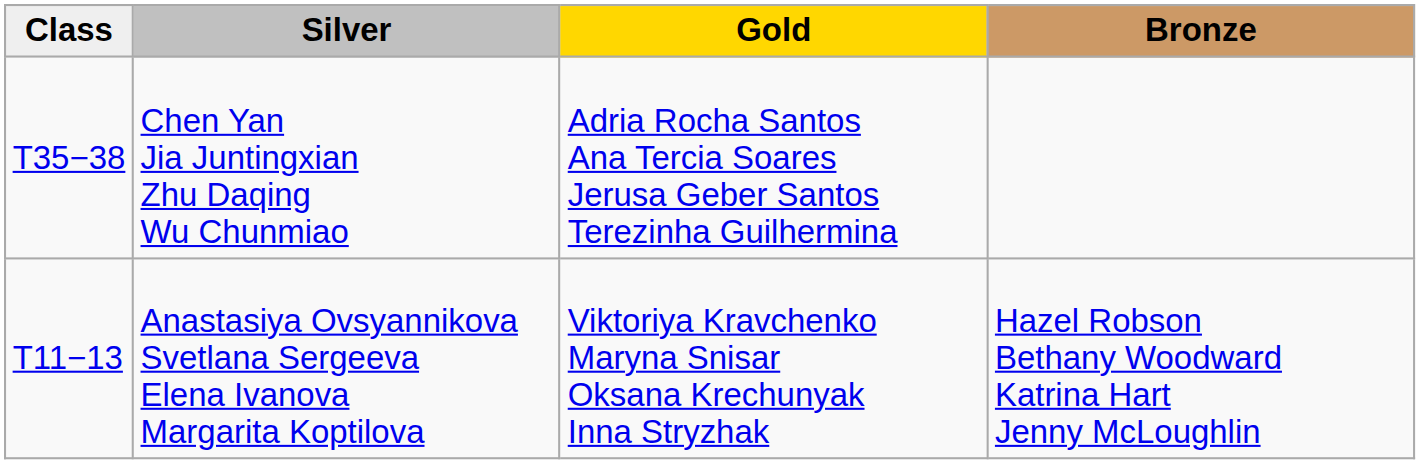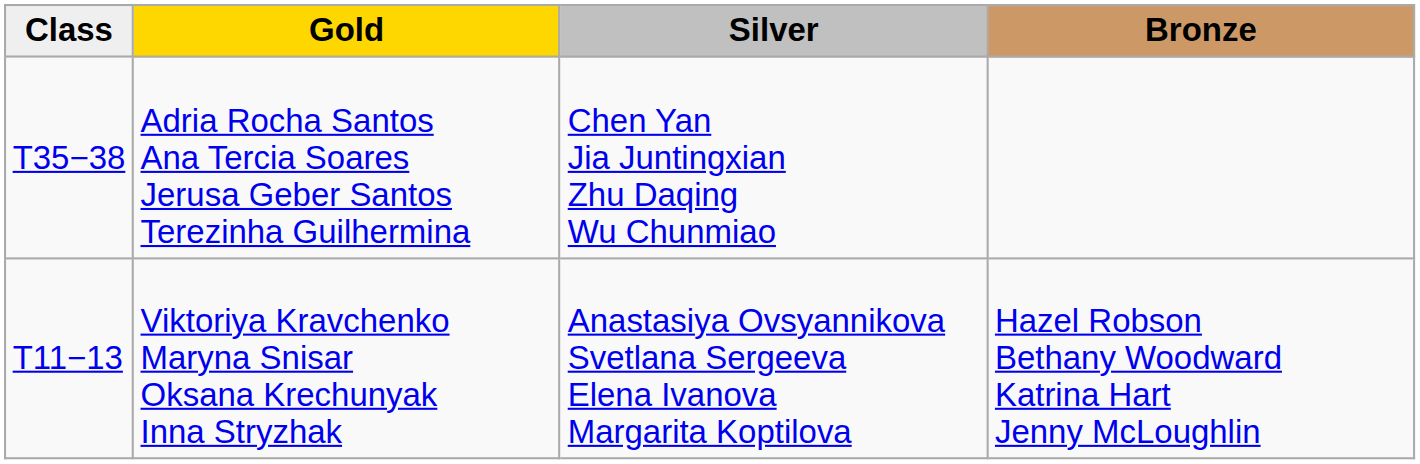 <table class="wikitable" style="text-align:left">
 <tr align="center">
 <td bgcolor=efefef><strong>Class</strong></td>
+<td width=200 bgcolor=gold><strong>Gold</strong></td>
 <td width=200 bgcolor=silver><strong>Silver</strong></td>
-<td width=200 bgcolor=gold><strong>Gold</strong></td>
 <td width=200 bgcolor=CC9966><strong>Bronze</strong></td>
 </tr>
 <tr>
 <td><a href='#'>T35−38</a></td>
+<td><em></em><br><a href='#'>Adria Rocha Santos</a><br><a href='#'>Ana Tercia Soares</a><br><a href='#'>Jerusa Geber Santos</a><br><a href='#'>Terezinha Guilhermina</a></td>
 <td><em></em><br><a href='#'>Chen Yan</a><br><a href='#'>Jia Juntingxian</a><br><a href='#'>Zhu Daqing</a><br><a href='#'>Wu Chunmiao</a></td>
-<td><em></em><br><a href='#'>Adria Rocha Santos</a><br><a href='#'>Ana Tercia Soares</a><br><a href='#'>Jerusa Geber Santos</a><br><a href='#'>Terezinha Guilhermina</a></td>
 <td></td>
 </tr>
 <tr>
 <td><a href='#'>T11−13</a></td>
+<td><em></em><br><a href='#'>Viktoriya Kravchenko</a><br><a href='#'>Maryna Snisar</a><br><a href='#'>Oksana Krechunyak</a><br><a href='#'>Inna Stryzhak</a></td>
 <td><em></em><br><a href='#'>Anastasiya Ovsyannikova</a><br><a href='#'>Svetlana Sergeeva</a><br><a href='#'>Elena Ivanova</a><br><a href='#'>Margarita Koptilova</a></td>
-<td><em></em><br><a href='#'>Viktoriya Kravchenko</a><br><a href='#'>Maryna Snisar</a><br><a href='#'>Oksana Krechunyak</a><br><a href='#'>Inna Stryzhak</a></td>
 <td><em></em><br><a href='#'>Hazel Robson</a><br><a href='#'>Bethany Woodward</a><br><a href='#'>Katrina Hart</a><br><a href='#'>Jenny McLoughlin</a></td>
 </tr>
 </table>
